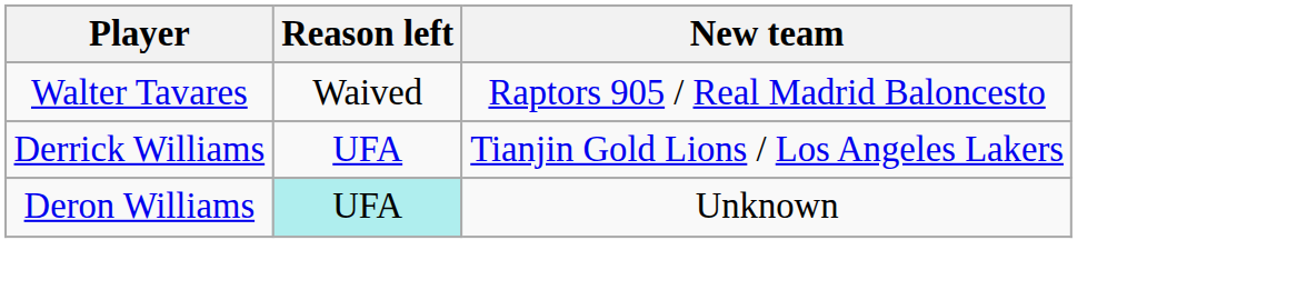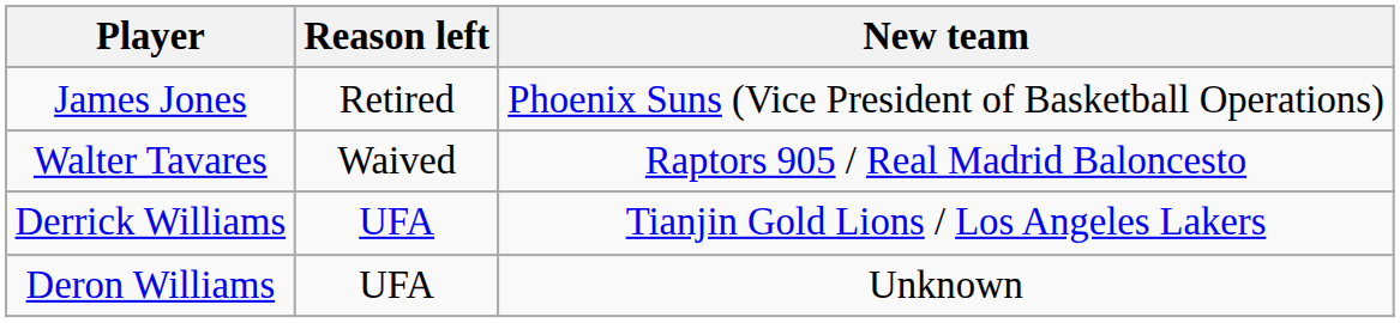 <table class="wikitable sortable sortable" style="text-align: center">
 <tr>
 <th>Player</th>
 <th>Reason left</th>
 <th>New team</th>
+</tr>
+<tr style="text-align: center">
+<td><a href='#'>James Jones</a></td>
+<td>Retired</td>
+<td><a href='#'>Phoenix Suns</a> (Vice President of Basketball Operations)</td>
 </tr>
 <tr style="text-align: center">
 <td><a href='#'>Walter Tavares</a></td>
 <td>Waived</td>
 <td><a href='#'>Raptors 905</a> /  <a href='#'>Real Madrid Baloncesto</a></td>
 </tr>
 <tr style="text-align: center">
 <td><a href='#'>Derrick Williams</a></td>
 <td><a href='#'>UFA</a></td>
 <td> <a href='#'>Tianjin Gold Lions</a> / <a href='#'>Los Angeles Lakers</a></td>
 </tr>
 <tr>
 <td><a href='#'>Deron Williams</a></td>
-<td style="background: paleturquoise;">UFA</td>
+<td>UFA</td>
 <td>Unknown</td>
 </tr>
 </table>
